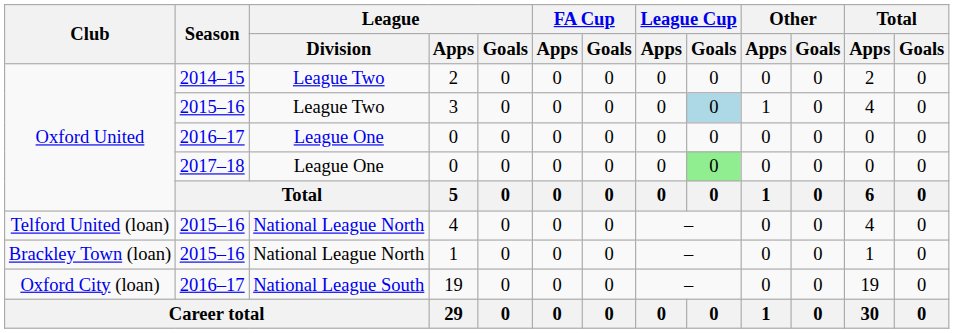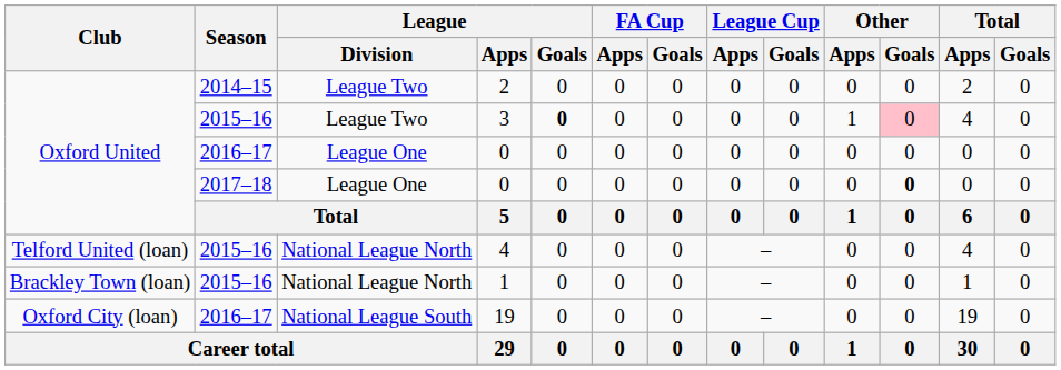 <table class="wikitable" style="text-align:center">
 <tr>
 <th rowspan="2">Club</th>
 <th rowspan="2">Season</th>
 <th colspan="3">League</th>
 <th colspan="2"><a href='#'>FA Cup</a></th>
 <th colspan="2"><a href='#'>League Cup</a></th>
 <th colspan="2">Other</th>
 <th colspan="2">Total</th>
 </tr>
 <tr>
 <th>Division</th>
 <th>Apps</th>
 <th>Goals</th>
 <th>Apps</th>
 <th>Goals</th>
 <th>Apps</th>
 <th>Goals</th>
 <th>Apps</th>
 <th>Goals</th>
 <th>Apps</th>
 <th>Goals</th>
 </tr>
 <tr>
 <td rowspan="5"><a href='#'>Oxford United</a></td>
 <td><a href='#'>2014–15</a></td>
 <td><a href='#'>League Two</a></td>
 <td>2</td>
 <td>0</td>
 <td>0</td>
 <td>0</td>
 <td>0</td>
 <td>0</td>
 <td>0</td>
 <td>0</td>
 <td>2</td>
 <td>0</td>
 </tr>
 <tr>
 <td><a href='#'>2015–16</a></td>
 <td>League Two</td>
 <td>3</td>
+<td><strong>0</strong></td>
 <td>0</td>
 <td>0</td>
 <td>0</td>
 <td>0</td>
-<td style="background: lightblue;">0</td>
 <td>1</td>
-<td>0</td>
+<td style="background: pink;">0</td>
 <td>4</td>
 <td>0</td>
 </tr>
 <tr>
 <td><a href='#'>2016–17</a></td>
 <td><a href='#'>League One</a></td>
 <td>0</td>
 <td>0</td>
 <td>0</td>
 <td>0</td>
 <td>0</td>
 <td>0</td>
 <td>0</td>
 <td>0</td>
 <td>0</td>
 <td>0</td>
 </tr>
 <tr>
 <td><a href='#'>2017–18</a></td>
 <td>League One</td>
 <td>0</td>
 <td>0</td>
 <td>0</td>
 <td>0</td>
 <td>0</td>
-<td style="background: lightgreen;">0</td>
 <td>0</td>
 <td>0</td>
+<td><strong>0</strong></td>
 <td>0</td>
 <td>0</td>
 </tr>
 <tr>
 <th colspan="2">Total</th>
 <th>5</th>
 <th>0</th>
 <th>0</th>
 <th>0</th>
 <th>0</th>
 <th>0</th>
 <th>1</th>
 <th>0</th>
 <th>6</th>
 <th>0</th>
 </tr>
 <tr>
 <td><a href='#'>Telford United</a> (loan)</td>
 <td><a href='#'>2015–16</a></td>
 <td><a href='#'>National League North</a></td>
 <td>4</td>
 <td>0</td>
 <td>0</td>
 <td>0</td>
 <td colspan="2">–</td>
 <td>0</td>
 <td>0</td>
 <td>4</td>
 <td>0</td>
 </tr>
 <tr>
 <td><a href='#'>Brackley Town</a> (loan)</td>
 <td><a href='#'>2015–16</a></td>
 <td>National League North</td>
 <td>1</td>
 <td>0</td>
 <td>0</td>
 <td>0</td>
 <td colspan="2">–</td>
 <td>0</td>
 <td>0</td>
 <td>1</td>
 <td>0</td>
 </tr>
 <tr>
 <td><a href='#'>Oxford City</a> (loan)</td>
 <td><a href='#'>2016–17</a></td>
 <td><a href='#'>National League South</a></td>
 <td>19</td>
 <td>0</td>
 <td>0</td>
 <td>0</td>
 <td colspan="2">–</td>
 <td>0</td>
 <td>0</td>
 <td>19</td>
 <td>0</td>
 </tr>
 <tr>
 <th colspan="3">Career total</th>
 <th>29</th>
 <th>0</th>
 <th>0</th>
 <th>0</th>
 <th>0</th>
 <th>0</th>
 <th>1</th>
 <th>0</th>
 <th>30</th>
 <th>0</th>
 </tr>
 </table>
